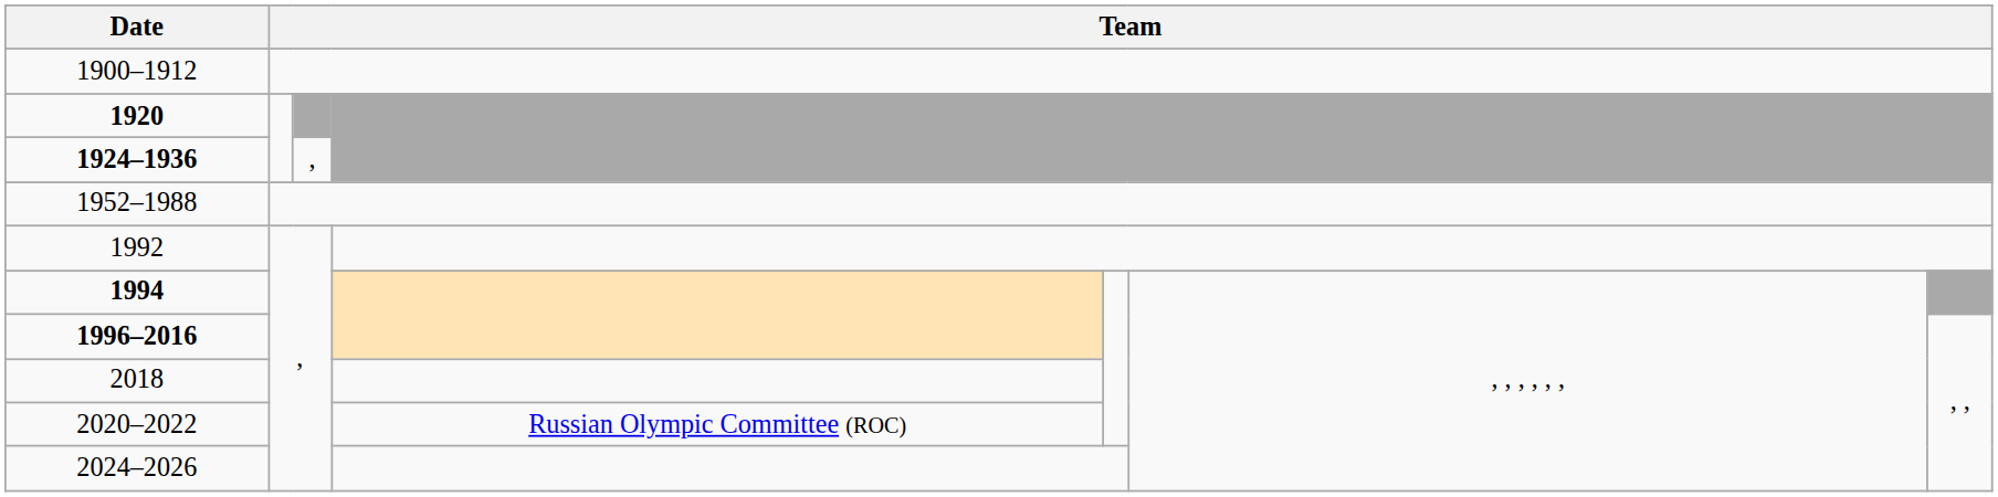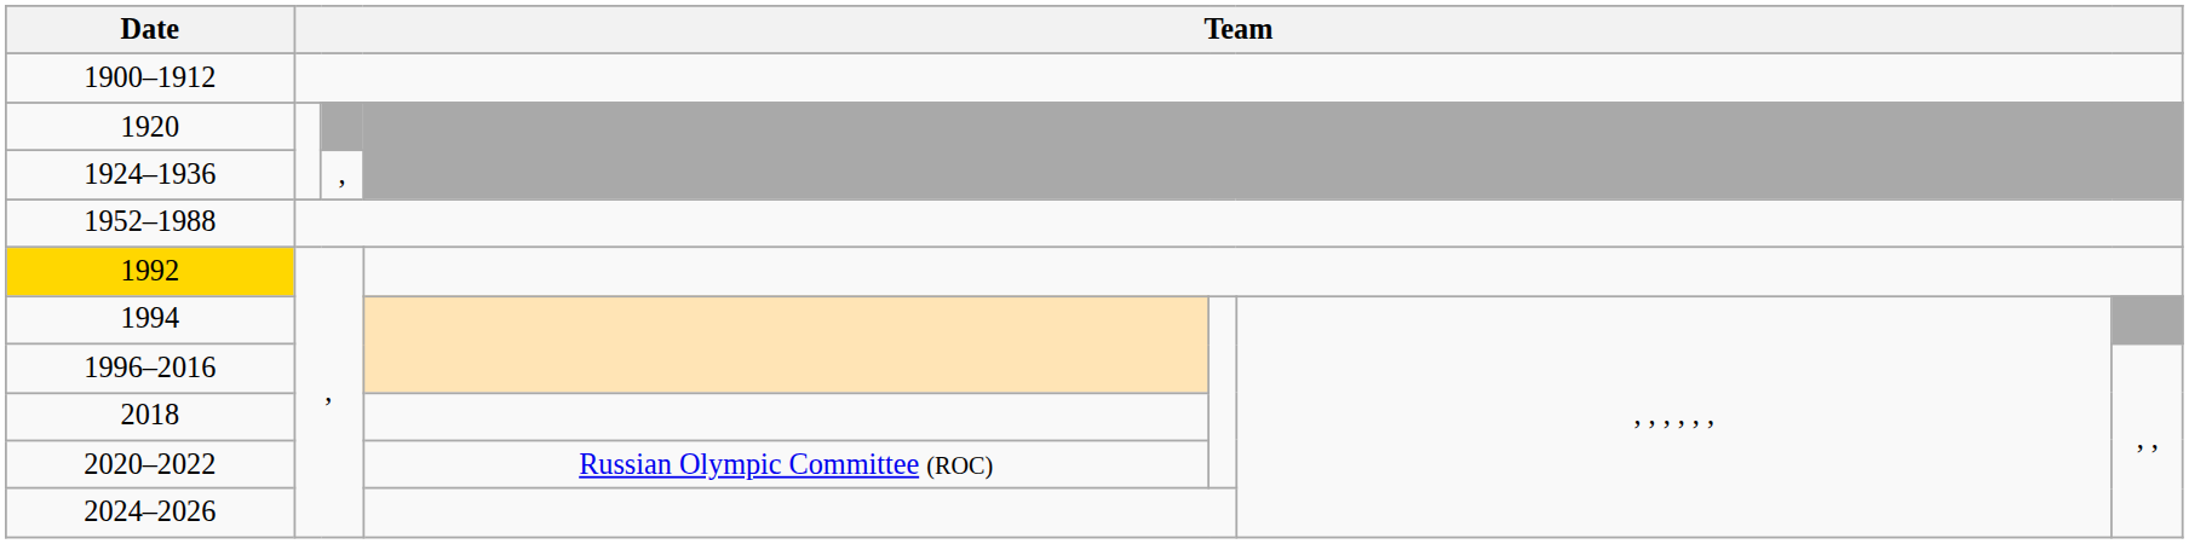 <table class="wikitable" style="text-align:center; font-size:85%; width:80%">
 <tr>
 <th>Date</th>
 <th colspan="6">Team</th>
 </tr>
 <tr>
 <td>1900–1912</td>
 <td colspan="6"></td>
 </tr>
 <tr>
-<td><strong>1920</strong></td>
+<td>1920</td>
 <td rowspan=2></td>
 <td style="background:darkgray"></td>
 <td colspan="4" rowspan="2" style="background:darkgray"></td>
 </tr>
 <tr>
-<td><strong>1924–1936</strong></td>
+<td>1924–1936</td>
 <td>, </td>
 </tr>
 <tr>
 <td>1952–1988</td>
 <td colspan="6"></td>
 </tr>
 <tr>
-<td>1992</td>
+<td style="background: gold;">1992</td>
 <td colspan="2" rowspan="6">, </td>
 <td colspan="4"></td>
 </tr>
 <tr>
-<td><strong>1994</strong></td>
+<td>1994</td>
 <td rowspan=2 style="background:moccasin"></td>
 <td rowspan="4"></td>
 <td rowspan="5" style="width:400px">, , , , , , </td>
 <td style="background:darkgray"></td>
 </tr>
 <tr>
-<td><strong>1996–2016</strong></td>
+<td>1996–2016</td>
 <td rowspan="4">, , </td>
 </tr>
 <tr>
 <td>2018</td>
 <td></td>
 </tr>
 <tr>
 <td>2020–2022</td>
 <td> <a href='#'>Russian Olympic Committee</a> <small>(ROC)</small></td>
 </tr>
 <tr>
 <td>2024–2026</td>
 <td colspan="2"></td>
 </tr>
 </table>
